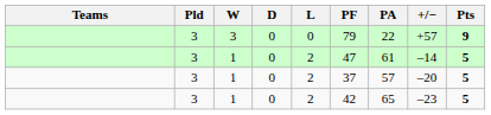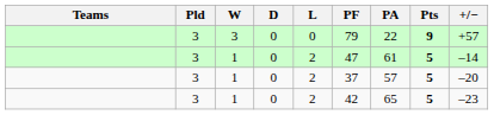 <table class="wikitable" style="text-align: center;">
 <tr>
 <th width="200">Teams</th>
 <th width="40">Pld</th>
 <th width="40">W</th>
 <th width="40">D</th>
 <th width="40">L</th>
 <th width="40">PF</th>
 <th width="40">PA</th>
+<th width="40">Pts</th>
 <th width="40">+/−</th>
-<th width="40">Pts</th>
 </tr>
 <tr bgcolor=ccffcc>
 <td align=left></td>
 <td>3</td>
 <td>3</td>
 <td>0</td>
 <td>0</td>
 <td>79</td>
 <td>22</td>
+<td><strong>9</strong></td>
 <td>+57</td>
-<td><strong>9</strong></td>
 </tr>
 <tr bgcolor=ccffcc>
 <td align="left"></td>
 <td>3</td>
 <td>1</td>
 <td>0</td>
 <td>2</td>
 <td>47</td>
 <td>61</td>
+<td><strong>5</strong></td>
 <td>–14</td>
-<td><strong>5</strong></td>
 </tr>
 <tr>
 <td align=left></td>
 <td>3</td>
 <td>1</td>
 <td>0</td>
 <td>2</td>
 <td>37</td>
 <td>57</td>
+<td><strong>5</strong></td>
 <td>–20</td>
-<td><strong>5</strong></td>
 </tr>
 <tr>
 <td align="left"></td>
 <td>3</td>
 <td>1</td>
 <td>0</td>
 <td>2</td>
 <td>42</td>
 <td>65</td>
+<td><strong>5</strong></td>
 <td>–23</td>
-<td><strong>5</strong></td>
 </tr>
 </table>
